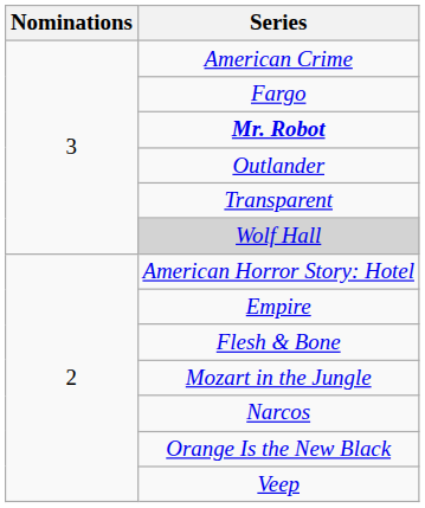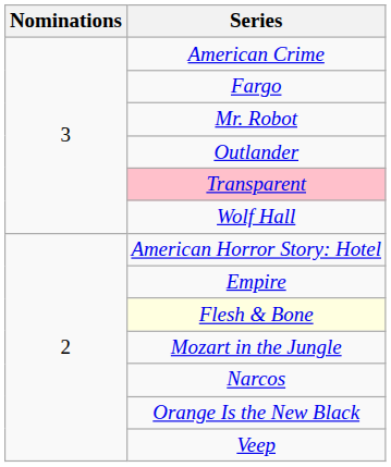 <table class="wikitable" style="text-align: center">
 <tr>
 <th scope="col" width="55">Nominations</th>
 <th scope="col" align="center">Series</th>
 </tr>
 <tr>
 <td rowspan=6 style="text-align:center">3</td>
 <td><em><a href='#'>American Crime</a></em></td>
 </tr>
 <tr>
 <td><em><a href='#'>Fargo</a></em></td>
 </tr>
 <tr>
-<td><strong><em><a href='#'>Mr. Robot</a></em></strong></td>
+<td><em><a href='#'>Mr. Robot</a></em></td>
 </tr>
 <tr>
 <td><em><a href='#'>Outlander</a></em></td>
 </tr>
 <tr>
-<td><em><a href='#'>Transparent</a></em></td>
+<td style="background: pink;"><em><a href='#'>Transparent</a></em></td>
 </tr>
 <tr>
-<td style="background: lightgrey;"><em><a href='#'>Wolf Hall</a></em></td>
+<td><em><a href='#'>Wolf Hall</a></em></td>
 </tr>
 <tr>
 <td rowspan=7 style="text-align:center">2</td>
 <td><em><a href='#'>American Horror Story: Hotel</a></em></td>
 </tr>
 <tr>
 <td><em><a href='#'>Empire</a></em></td>
 </tr>
 <tr>
-<td><em><a href='#'>Flesh & Bone</a></em></td>
+<td style="background: lightyellow;"><em><a href='#'>Flesh & Bone</a></em></td>
 </tr>
 <tr>
 <td><em><a href='#'>Mozart in the Jungle</a></em></td>
 </tr>
 <tr>
 <td><em><a href='#'>Narcos</a></em></td>
 </tr>
 <tr>
 <td><em><a href='#'>Orange Is the New Black</a></em></td>
 </tr>
 <tr>
 <td><em><a href='#'>Veep</a></em></td>
 </tr>
 </table>
